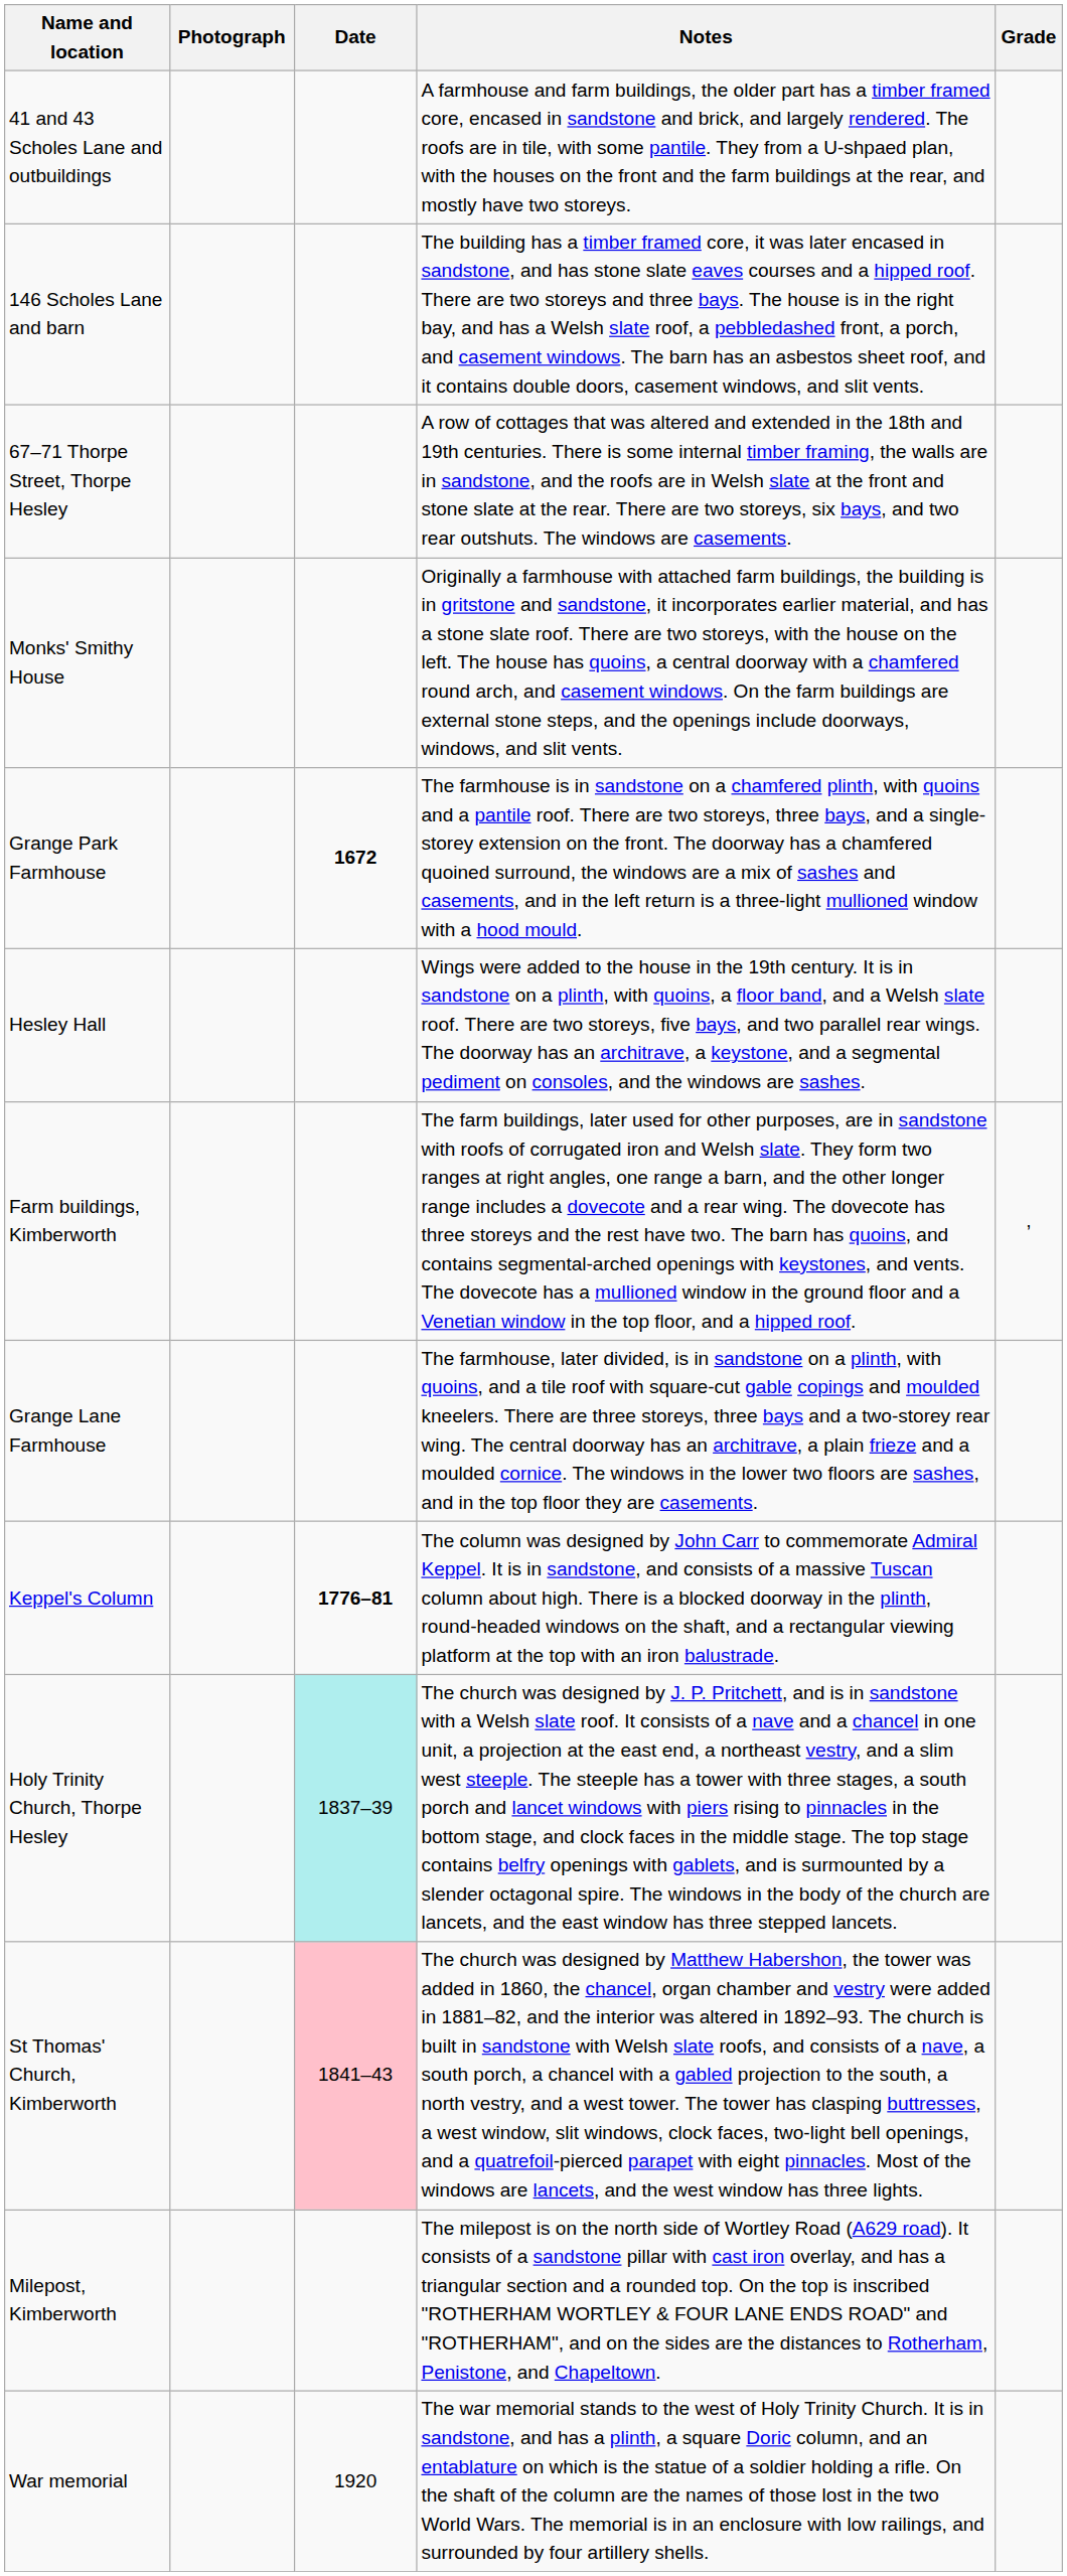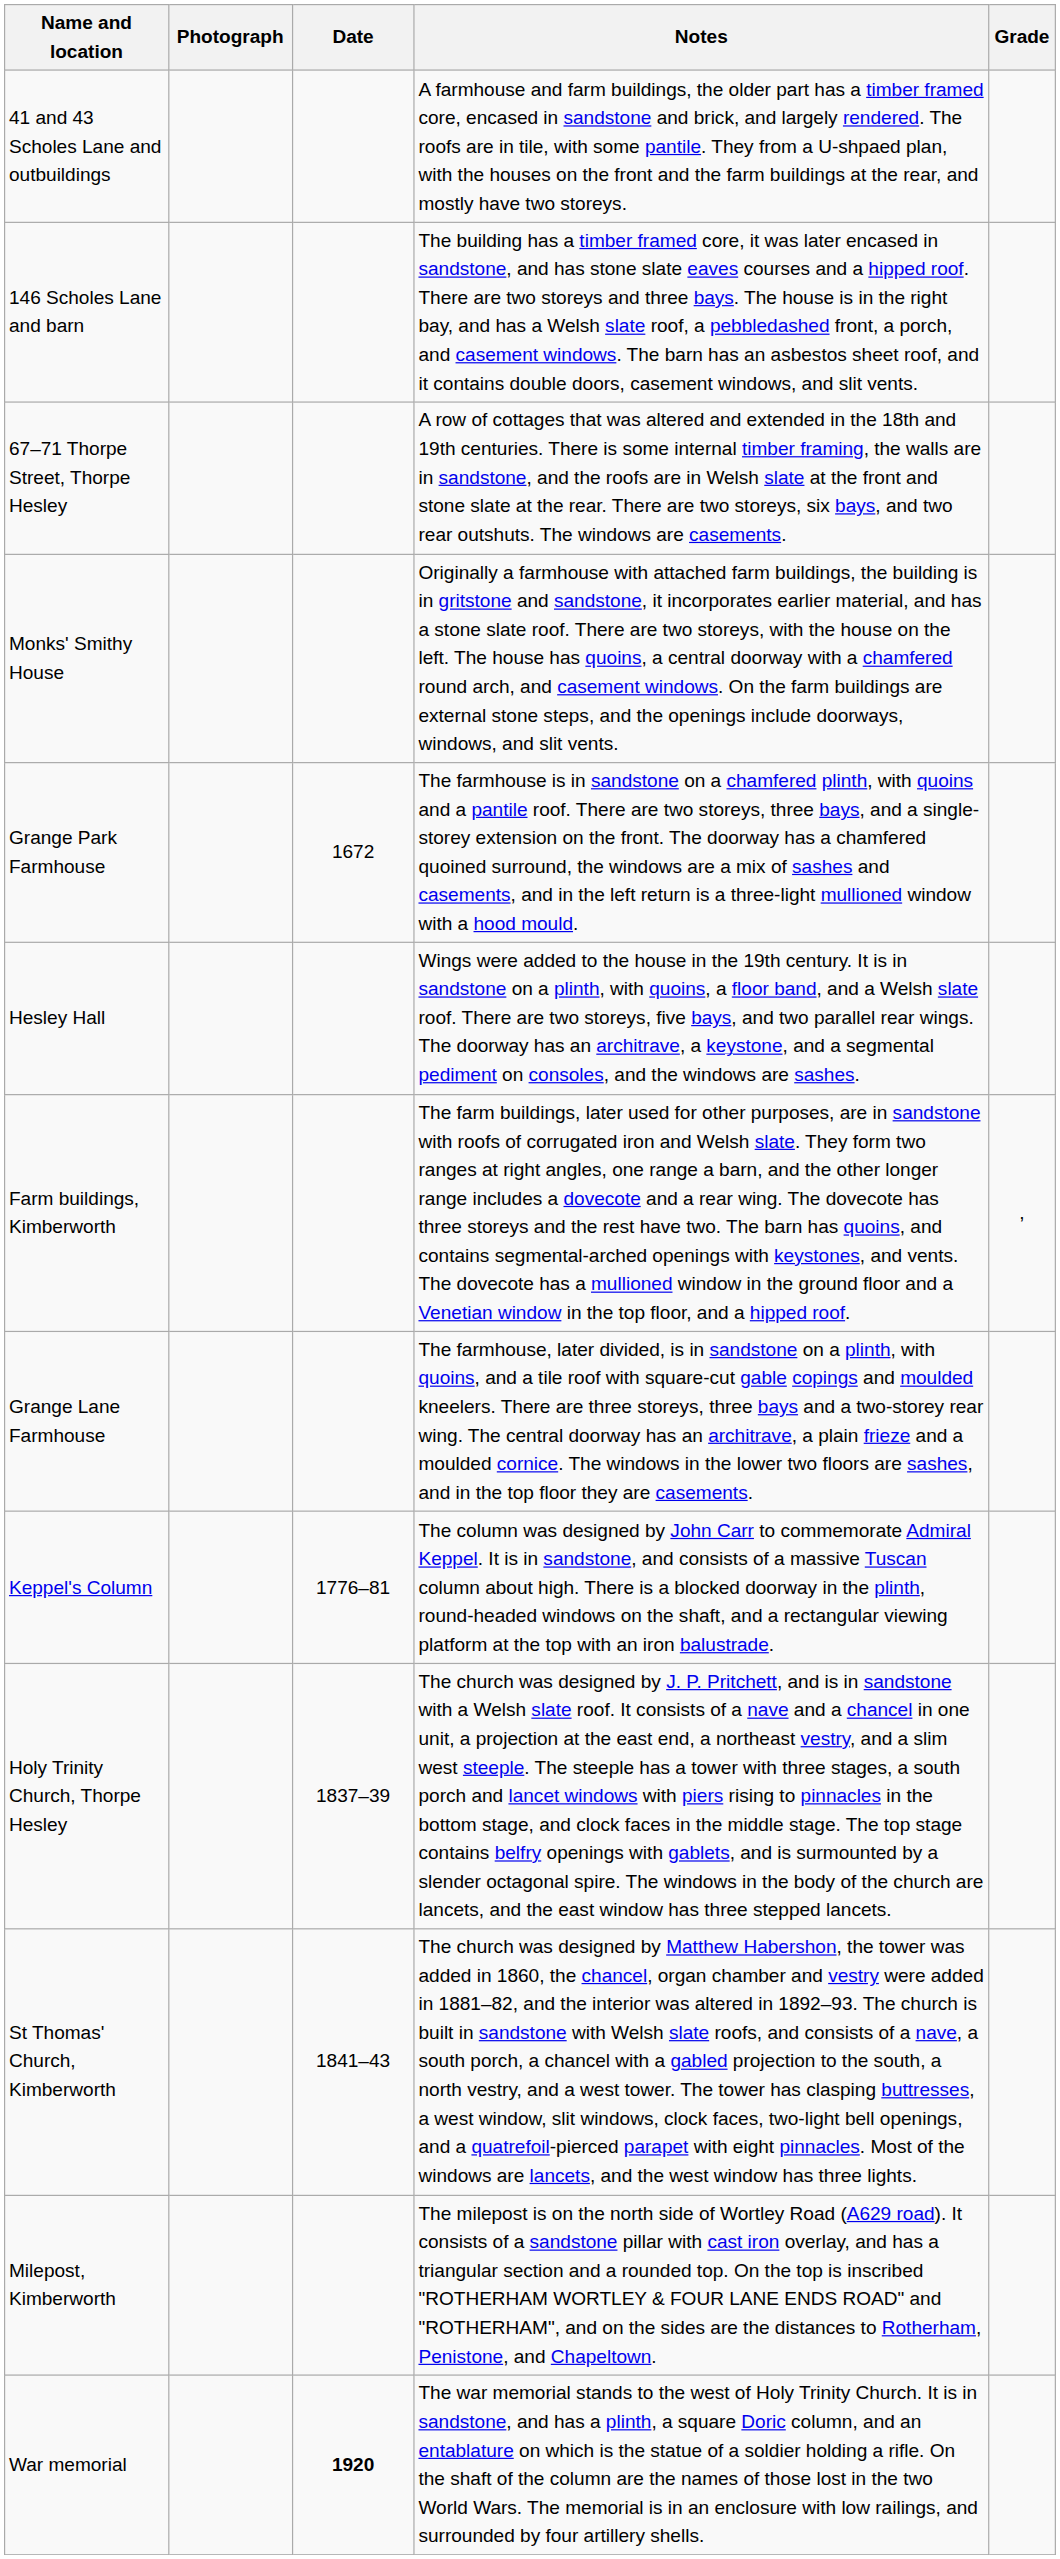 <table class="wikitable sortable plainrowheaders" style="width:100%; border:0; text-align:left; line-height:150%;">
 <tr>
 <th scope="col"  style="width:150px">Name and location</th>
 <th scope="col"  style="width:100px" class="unsortable">Photograph</th>
 <th scope="col"  style="width:120px">Date</th>
 <th scope="col"  style="width:650px" class="unsortable">Notes</th>
 <th scope="col"  style="width:50px">Grade</th>
 </tr>
 <tr>
 <td>41 and 43 Scholes Lane and outbuildings<br><small></small></td>
 <td></td>
 <td align="center"></td>
 <td>A farmhouse and farm buildings, the older part has a <a href='#'>timber framed</a> core, encased in <a href='#'>sandstone</a> and brick, and largely <a href='#'>rendered</a>.  The roofs are in tile, with some <a href='#'>pantile</a>.  They from a U-shpaed plan, with the houses on the front and the farm buildings at the rear, and mostly have two storeys.</td>
 <td align="center" ></td>
 </tr>
 <tr>
 <td>146 Scholes Lane and barn<br><small></small></td>
 <td></td>
 <td align="center"></td>
 <td>The building has a <a href='#'>timber framed</a> core, it was later encased in <a href='#'>sandstone</a>, and has stone slate <a href='#'>eaves</a> courses and a <a href='#'>hipped roof</a>.  There are two storeys and three <a href='#'>bays</a>.  The house is in the right bay, and has a Welsh <a href='#'>slate</a> roof, a <a href='#'>pebbledashed</a> front, a porch, and <a href='#'>casement windows</a>.  The barn has an asbestos sheet roof, and it contains double doors, casement windows, and slit vents.</td>
 <td align="center" ></td>
 </tr>
 <tr>
 <td>67–71 Thorpe Street, Thorpe Hesley<br><small></small></td>
 <td></td>
 <td align="center"></td>
 <td>A row of cottages that was altered and extended in the 18th and 19th centuries.  There is some internal <a href='#'>timber framing</a>, the walls are in <a href='#'>sandstone</a>, and the roofs are in Welsh <a href='#'>slate</a> at the front and stone slate at the rear.  There are two storeys, six <a href='#'>bays</a>, and two rear outshuts.  The windows are <a href='#'>casements</a>.</td>
 <td align="center" ></td>
 </tr>
 <tr>
 <td>Monks' Smithy House<br><small></small></td>
 <td></td>
 <td align="center"></td>
 <td>Originally a farmhouse with attached farm buildings, the building is in <a href='#'>gritstone</a> and <a href='#'>sandstone</a>, it incorporates earlier material, and has a stone slate roof.  There are two storeys, with the house on the left.  The house has <a href='#'>quoins</a>, a central doorway with a <a href='#'>chamfered</a> round arch, and <a href='#'>casement windows</a>.  On the farm buildings are external stone steps, and the openings include doorways, windows, and slit vents.</td>
 <td align="center" ></td>
 </tr>
 <tr>
 <td>Grange Park Farmhouse<br><small></small></td>
 <td></td>
-<td align="center"><strong>1672</strong></td>
+<td align="center">1672</td>
 <td>The farmhouse is in <a href='#'>sandstone</a> on a <a href='#'>chamfered</a> <a href='#'>plinth</a>, with <a href='#'>quoins</a> and a <a href='#'>pantile</a> roof.  There are two storeys, three <a href='#'>bays</a>, and a single-storey extension on the front.  The doorway has a chamfered quoined surround, the windows are a mix of <a href='#'>sashes</a> and <a href='#'>casements</a>, and in the left return is a three-light <a href='#'>mullioned</a> window with a <a href='#'>hood mould</a>.</td>
 <td align="center" ></td>
 </tr>
 <tr>
 <td>Hesley Hall<br><small></small></td>
 <td></td>
 <td align="center"></td>
 <td>Wings were added to the  house in the 19th century.  It is in <a href='#'>sandstone</a> on a <a href='#'>plinth</a>, with <a href='#'>quoins</a>, a <a href='#'>floor band</a>, and a Welsh <a href='#'>slate</a> roof.  There are two storeys, five <a href='#'>bays</a>, and two parallel rear wings.  The doorway has an <a href='#'>architrave</a>, a <a href='#'>keystone</a>, and a segmental <a href='#'>pediment</a> on <a href='#'>consoles</a>, and the windows are <a href='#'>sashes</a>.</td>
 <td align="center" ></td>
 </tr>
 <tr>
 <td>Farm buildings, Kimberworth<br><small></small></td>
 <td></td>
 <td align="center"></td>
 <td>The farm buildings, later used for other purposes, are in <a href='#'>sandstone</a> with roofs of corrugated iron and Welsh <a href='#'>slate</a>.  They form two ranges at right angles, one range a barn, and the other longer range includes a <a href='#'>dovecote</a> and a rear wing.  The dovecote has three storeys and the rest have two.  The barn has <a href='#'>quoins</a>, and contains segmental-arched openings with <a href='#'>keystones</a>, and vents.  The dovecote has a <a href='#'>mullioned</a> window in the ground floor and a <a href='#'>Venetian window</a> in the top floor, and a <a href='#'>hipped roof</a>.</td>
 <td align="center" >,</td>
 </tr>
 <tr>
 <td>Grange Lane Farmhouse<br><small></small></td>
 <td></td>
 <td align="center"></td>
 <td>The farmhouse, later divided, is in <a href='#'>sandstone</a> on a <a href='#'>plinth</a>, with <a href='#'>quoins</a>, and a tile roof with square-cut <a href='#'>gable</a> <a href='#'>copings</a> and <a href='#'>moulded</a> kneelers.  There are three storeys, three <a href='#'>bays</a> and a two-storey rear wing.  The central doorway has an <a href='#'>architrave</a>, a plain <a href='#'>frieze</a> and a moulded <a href='#'>cornice</a>.  The windows in the lower two floors are <a href='#'>sashes</a>, and in the top floor they are <a href='#'>casements</a>.</td>
 <td align="center" ></td>
 </tr>
 <tr>
 <td><a href='#'>Keppel's Column</a><br><small></small></td>
 <td></td>
-<td align="center"><strong>1776–81</strong></td>
+<td align="center">1776–81</td>
 <td>The column was designed by <a href='#'>John Carr</a> to commemorate <a href='#'>Admiral Keppel</a>.  It is in <a href='#'>sandstone</a>, and consists of a massive <a href='#'>Tuscan</a> column about  high.  There is a blocked doorway in the <a href='#'>plinth</a>, round-headed windows on the shaft, and a rectangular viewing platform at the top with an iron <a href='#'>balustrade</a>.</td>
 <td align="center" ></td>
 </tr>
 <tr>
 <td>Holy Trinity Church, Thorpe Hesley<br><small></small></td>
 <td></td>
-<td align="center" style="background: paleturquoise;">1837–39</td>
+<td align="center">1837–39</td>
 <td>The church was designed by <a href='#'>J. P. Pritchett</a>, and is in <a href='#'>sandstone</a> with a Welsh <a href='#'>slate</a> roof.  It consists of a <a href='#'>nave</a> and a <a href='#'>chancel</a> in one unit, a projection at the east end, a northeast <a href='#'>vestry</a>, and a slim west <a href='#'>steeple</a>.  The steeple has a tower with three stages, a south porch and <a href='#'>lancet windows</a> with <a href='#'>piers</a> rising to <a href='#'>pinnacles</a> in the bottom stage, and clock faces in the middle stage.  The top stage contains <a href='#'>belfry</a> openings with <a href='#'>gablets</a>, and is surmounted by a slender octagonal spire.  The windows in the body of the church are lancets, and the east window has three stepped lancets.</td>
 <td align="center" ></td>
 </tr>
 <tr>
 <td>St Thomas' Church, Kimberworth<br><small></small></td>
 <td></td>
-<td align="center" style="background: pink;">1841–43</td>
+<td align="center">1841–43</td>
 <td>The church was designed by <a href='#'>Matthew Habershon</a>, the tower was added in 1860, the <a href='#'>chancel</a>, organ chamber and <a href='#'>vestry</a> were added in 1881–82, and the interior was altered in 1892–93.  The church is built in <a href='#'>sandstone</a> with Welsh <a href='#'>slate</a> roofs, and consists of a <a href='#'>nave</a>, a south porch, a chancel with a <a href='#'>gabled</a> projection to the south, a north vestry, and a west tower.  The tower has clasping <a href='#'>buttresses</a>, a west window, slit windows, clock faces, two-light bell openings, and a <a href='#'>quatrefoil</a>-pierced <a href='#'>parapet</a> with eight <a href='#'>pinnacles</a>.  Most of the windows are <a href='#'>lancets</a>, and the west window has three lights.</td>
 <td align="center" ></td>
 </tr>
 <tr>
 <td>Milepost, Kimberworth<br><small></small></td>
 <td></td>
 <td align="center"></td>
 <td>The milepost is on the north side of Wortley Road (<a href='#'>A629 road</a>).  It consists of a <a href='#'>sandstone</a> pillar with <a href='#'>cast iron</a> overlay, and has a triangular section and a rounded top.  On the top is inscribed "ROTHERHAM WORTLEY & FOUR LANE ENDS ROAD" and "ROTHERHAM", and on the sides are the distances to <a href='#'>Rotherham</a>, <a href='#'>Penistone</a>, and <a href='#'>Chapeltown</a>.</td>
 <td align="center" ></td>
 </tr>
 <tr>
 <td>War memorial<br><small></small></td>
 <td></td>
-<td align="center">1920</td>
+<td align="center"><strong>1920</strong></td>
 <td>The war memorial stands to the west of Holy Trinity Church.  It is in <a href='#'>sandstone</a>, and has a <a href='#'>plinth</a>, a square <a href='#'>Doric</a> column, and an <a href='#'>entablature</a> on which is the statue of a soldier holding a rifle.  On the shaft of the column are the names of those lost in the two World Wars.  The memorial is in an enclosure with low railings, and surrounded by four artillery shells.</td>
 <td align="center" ></td>
 </tr>
 <tr>
 </tr>
 </table>
